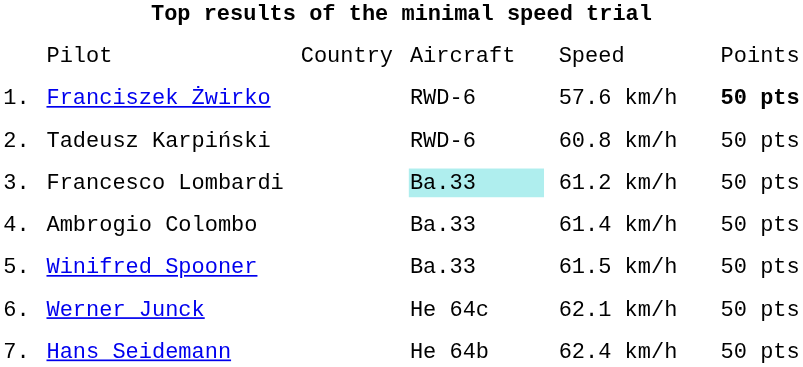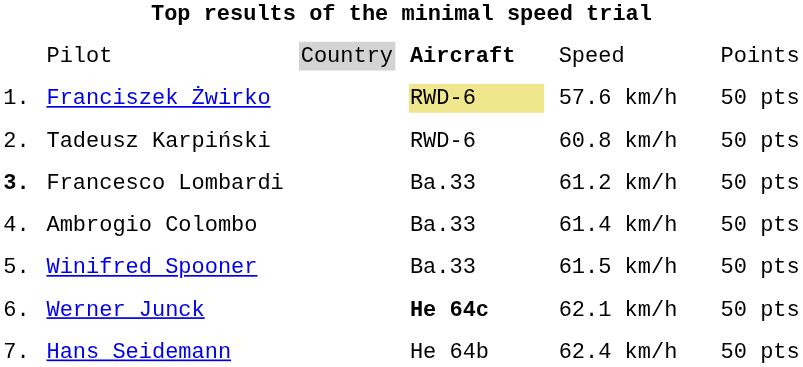 <table cellspacing=8>
 <tr>
 <th colspan=12>Top results of the minimal speed trial</th>
 </tr>
 <tr>
 <td> </td>
 <td>Pilot</td>
-<td>Country</td>
-<td>Aircraft  </td>
+<td style="background: lightgrey;">Country</td>
+<td><strong>Aircraft  </strong></td>
 <td>Speed</td>
 <td>Points</td>
 </tr>
 <tr>
 <td>1.</td>
 <td><a href='#'>Franciszek Żwirko</a></td>
 <td></td>
-<td>RWD-6</td>
+<td style="background: khaki;">RWD-6</td>
 <td>57.6 km/h  </td>
-<td><strong>50 pts</strong></td>
+<td>50 pts</td>
 </tr>
 <tr>
 <td>2.</td>
 <td>Tadeusz Karpiński</td>
 <td></td>
 <td>RWD-6</td>
 <td>60.8 km/h</td>
 <td>50 pts</td>
 </tr>
 <tr>
-<td>3.</td>
+<td><strong>3.</strong></td>
 <td>Francesco Lombardi</td>
 <td></td>
-<td style="background: paleturquoise;">Ba.33</td>
+<td>Ba.33</td>
 <td>61.2 km/h</td>
 <td>50 pts</td>
 </tr>
 <tr>
 <td>4.</td>
 <td>Ambrogio Colombo</td>
 <td></td>
 <td>Ba.33</td>
 <td>61.4 km/h</td>
 <td>50 pts</td>
 </tr>
 <tr>
 <td>5.</td>
 <td><a href='#'>Winifred Spooner</a></td>
 <td></td>
 <td>Ba.33</td>
 <td>61.5 km/h</td>
 <td>50 pts</td>
 </tr>
 <tr>
 <td>6.</td>
 <td><a href='#'>Werner Junck</a></td>
 <td></td>
-<td>He 64c</td>
+<td><strong>He 64c</strong></td>
 <td>62.1 km/h</td>
 <td>50 pts</td>
 </tr>
 <tr>
 <td>7.</td>
 <td><a href='#'>Hans Seidemann</a></td>
 <td></td>
 <td>He 64b</td>
 <td>62.4 km/h</td>
 <td>50 pts</td>
 </tr>
 </table>
